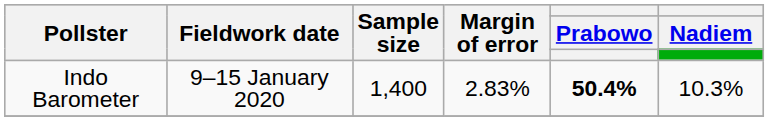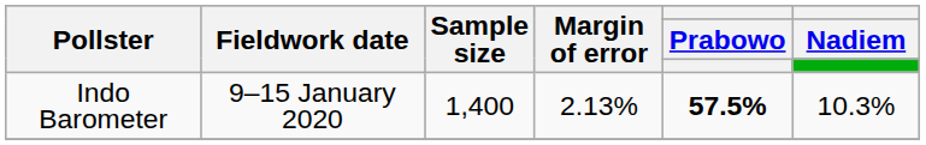 <table class="wikitable" style="text-align:center; font-size:90%; line-height:14px;">
 <tr bgcolor=lightgray>
 <th style="width:95px;" rowspan="3">Pollster</th>
 <th style="width:110px;" rowspan="3">Fieldwork date</th>
 <th style="width:35px;" rowspan="3">Sample size</th>
 <th rowspan="3" style="width:60px;">Margin of error</th>
 <th style="width:60px;"></th>
 <th style="width:60px;"></th>
 </tr>
 <tr>
 <th><a href='#'>Prabowo</a> <br></th>
 <th><a href='#'>Nadiem</a> <br></th>
 </tr>
 <tr>
 <th class="unsortable" style="color:inherit;background:"></th>
 <th class="unsortable" style="color:inherit;background:#00AC0B; width:40px;"></th>
 </tr>
 <tr>
 <td>Indo Barometer</td>
 <td>9–15 January 2020</td>
 <td>1,400</td>
-<td>2.83%</td>
-<td style="background-color:#"><strong>50.4%</strong></td>
+<td>2.13%</td>
+<td style="background-color:#"><strong>57.5%</strong></td>
 <td>10.3%</td>
 </tr>
 <tr>
 </tr>
 </table>
